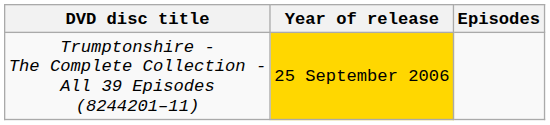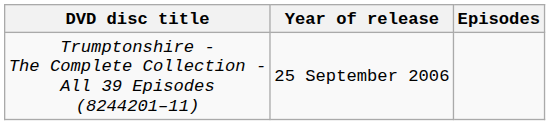 <table class="wikitable" style="text-align:center;">
 <tr>
 <th>DVD disc title</th>
 <th>Year of release</th>
 <th>Episodes</th>
 </tr>
 <tr>
 <td><em>Trumptonshire -<br>The Complete Collection -<br>All 39 Episodes<br>(8244201–11)</td>
-<td style="background: gold;">25 September 2006</td>
+<td>25 September 2006</td>
 <td></td>
 </tr>
 </table>
